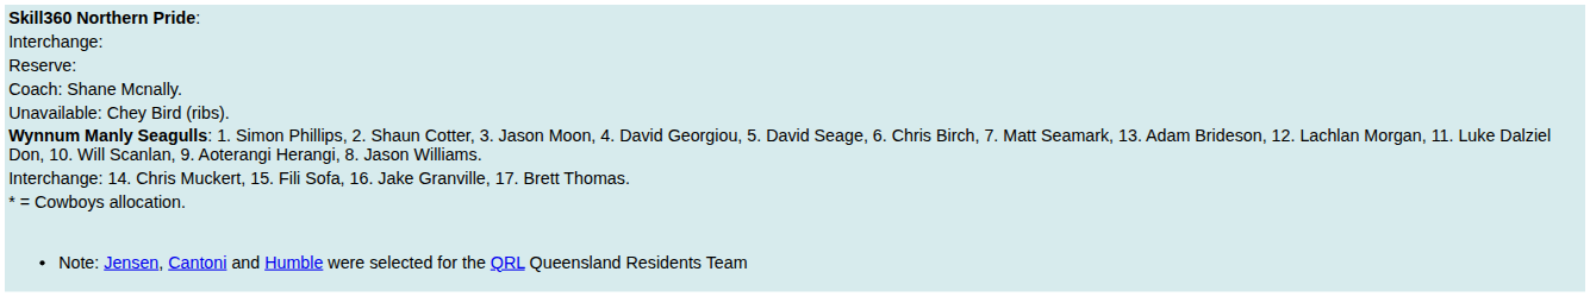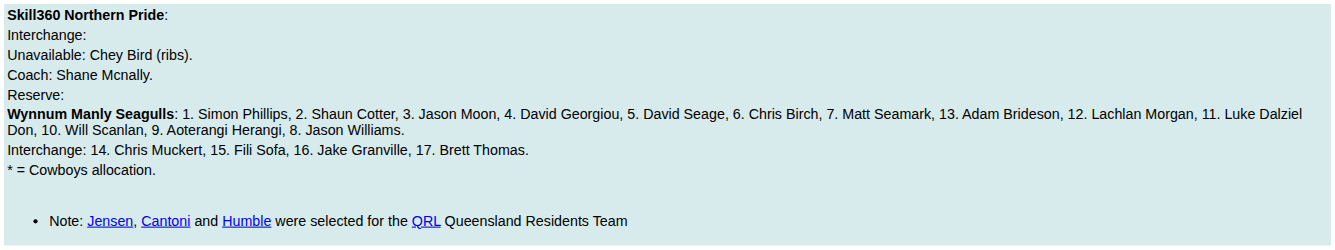 <table style="background:#d7ebed; font-size:85%; width:100%;">
 <tr>
 <td><strong>Skill360 Northern Pride</strong>:             </td>
 </tr>
 <tr>
 <td>Interchange:    </td>
 </tr>
 <tr>
-<td>Reserve: </td>
+<td>Unavailable: Chey Bird (ribs).</td>
 </tr>
 <tr>
 <td>Coach: Shane Mcnally.</td>
 </tr>
 <tr>
-<td>Unavailable: Chey Bird (ribs).</td>
+<td>Reserve: </td>
 </tr>
 <tr>
 <td><strong>Wynnum Manly Seagulls</strong>: 1. Simon Phillips, 2. Shaun Cotter, 3. Jason Moon, 4. David Georgiou, 5. David Seage, 6. Chris Birch, 7. Matt Seamark, 13. Adam Brideson, 12. Lachlan Morgan, 11. Luke Dalziel Don, 10. Will Scanlan, 9. Aoterangi Herangi, 8. Jason Williams.</td>
 </tr>
 <tr>
 <td>Interchange: 14. Chris Muckert, 15. Fili Sofa, 16. Jake Granville, 17. Brett Thomas.</td>
 </tr>
 <tr>
 <td>* = Cowboys allocation.</td>
 </tr>
 <tr>
 <td><br><ul><li>Note: <a href='#'>Jensen</a>, <a href='#'>Cantoni</a> and <a href='#'>Humble</a> were selected for the <a href='#'>QRL</a> Queensland Residents Team</li></ul></td>
 </tr>
 </table>
